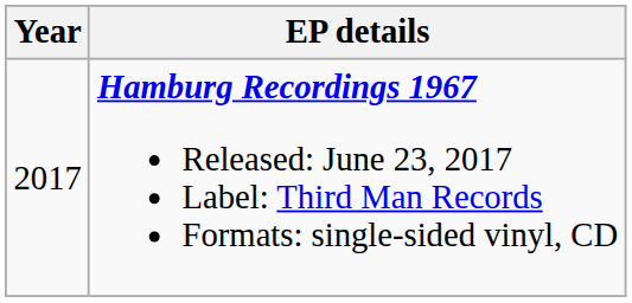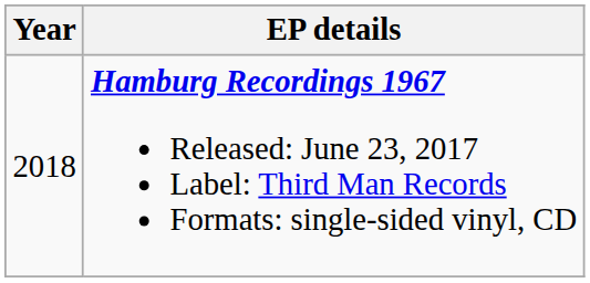 <table class="wikitable">
 <tr>
 <th>Year</th>
 <th>EP details</th>
 </tr>
 <tr>
-<td>2017</td>
+<td>2018</td>
 <td><strong><em><a href='#'>Hamburg Recordings 1967</a></em></strong><br><ul><li>Released: June 23, 2017</li><li>Label: <a href='#'>Third Man Records</a> </li><li>Formats: single-sided vinyl, CD</li></ul></td>
 </tr>
 </table>
